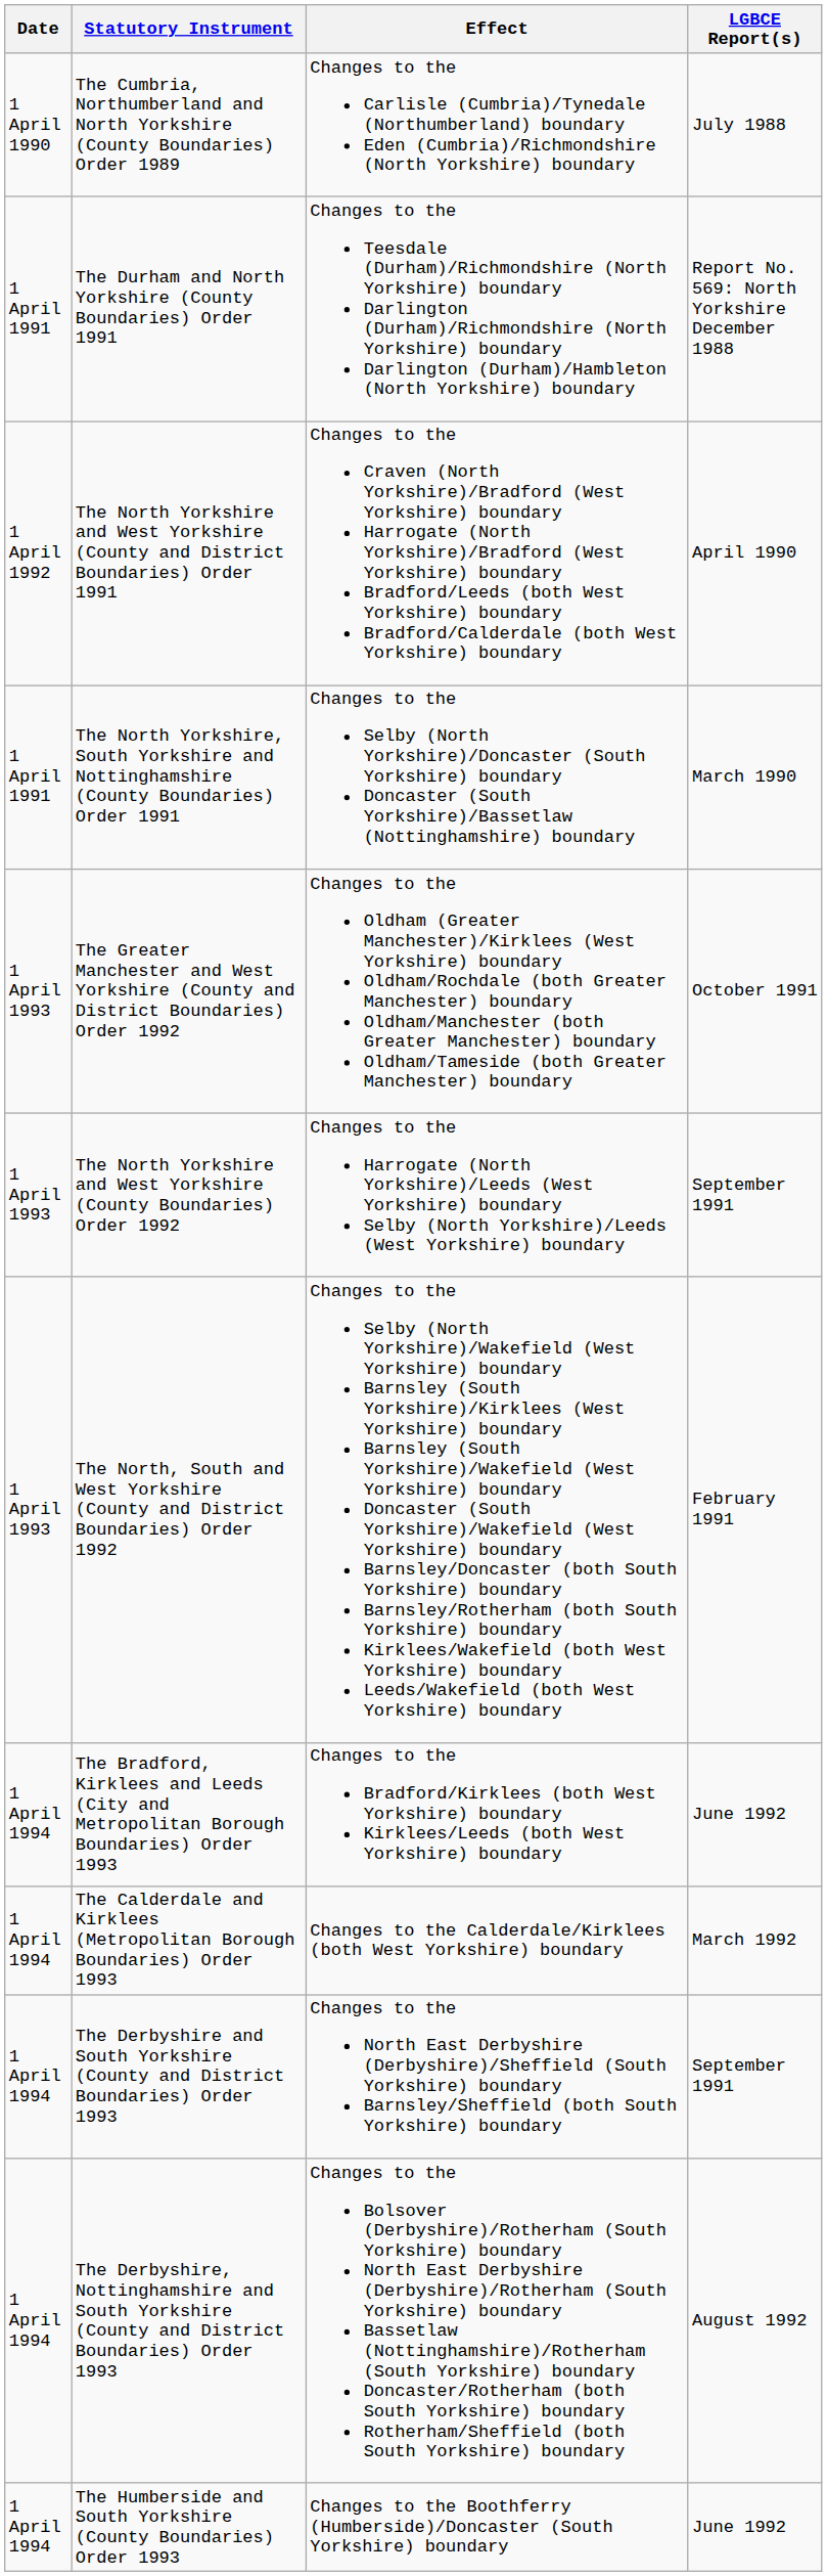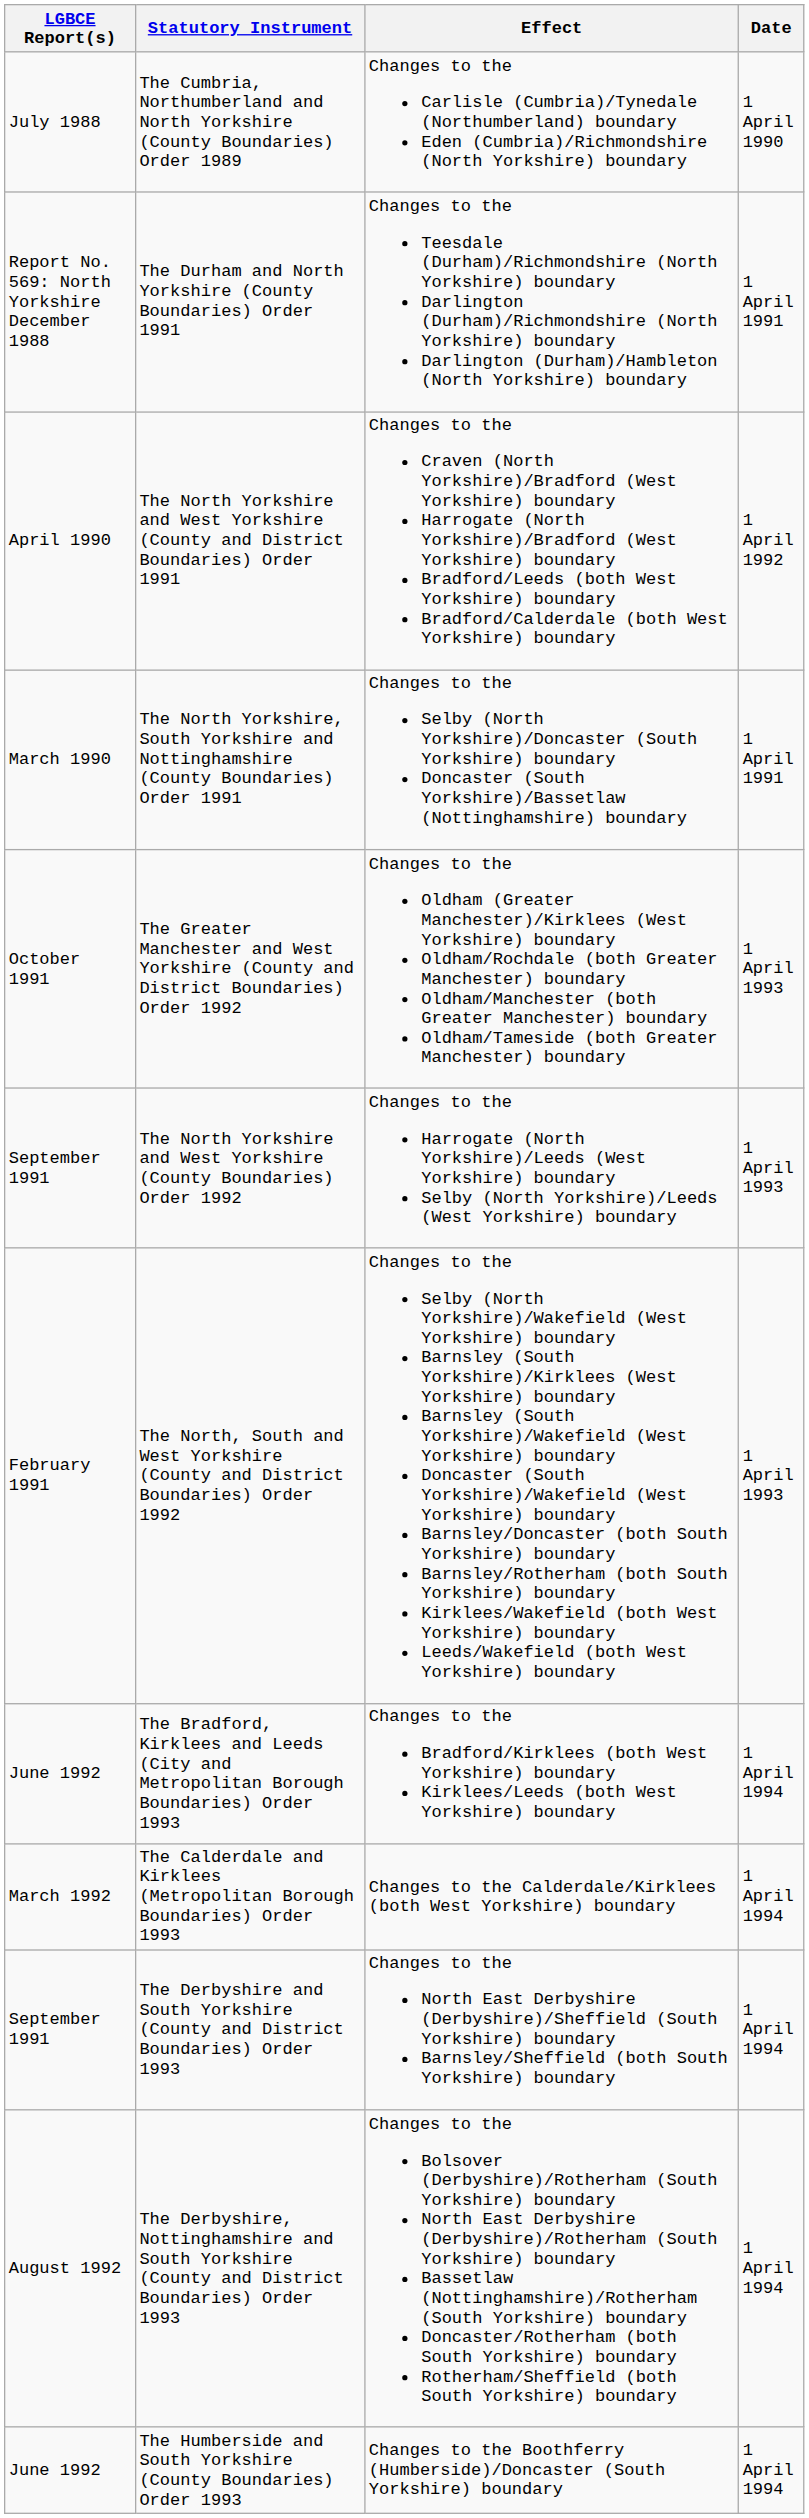 <table class="wikitable sortable">
 <tr>
-<th>Date</th>
+<th><a href='#'>LGBCE</a> Report(s)</th>
 <th><a href='#'>Statutory Instrument</a></th>
 <th>Effect</th>
-<th><a href='#'>LGBCE</a> Report(s)</th>
+<th>Date</th>
 </tr>
 <tr>
-<td>1 April 1990</td>
+<td> July 1988</td>
 <td>The Cumbria, Northumberland and North Yorkshire (County Boundaries) Order 1989</td>
 <td>Changes to the<br><ul><li>Carlisle (Cumbria)/Tynedale (Northumberland) boundary</li><li>Eden (Cumbria)/Richmondshire (North Yorkshire) boundary</li></ul></td>
-<td> July 1988</td>
+<td>1 April 1990</td>
 </tr>
 <tr>
-<td>1 April 1991</td>
+<td>Report No. 569: North Yorkshire December 1988</td>
 <td>The Durham and North Yorkshire (County Boundaries) Order 1991</td>
 <td>Changes to the<br><ul><li>Teesdale (Durham)/Richmondshire (North Yorkshire) boundary</li><li>Darlington (Durham)/Richmondshire (North Yorkshire) boundary</li><li>Darlington (Durham)/Hambleton (North Yorkshire) boundary</li></ul></td>
-<td>Report No. 569: North Yorkshire December 1988</td>
+<td>1 April 1991</td>
 </tr>
 <tr>
-<td>1 April 1992</td>
+<td> April 1990</td>
 <td>The North Yorkshire and West Yorkshire (County and District Boundaries) Order 1991</td>
 <td>Changes to the<br><ul><li>Craven (North Yorkshire)/Bradford (West Yorkshire) boundary</li><li>Harrogate (North Yorkshire)/Bradford (West Yorkshire) boundary</li><li>Bradford/Leeds (both West Yorkshire) boundary</li><li>Bradford/Calderdale (both West Yorkshire) boundary</li></ul></td>
-<td> April 1990</td>
+<td>1 April 1992</td>
 </tr>
 <tr>
-<td>1 April 1991</td>
+<td> March 1990</td>
 <td>The North Yorkshire, South Yorkshire and Nottinghamshire (County Boundaries) Order 1991</td>
 <td>Changes to the<br><ul><li>Selby (North Yorkshire)/Doncaster (South Yorkshire) boundary</li><li>Doncaster (South Yorkshire)/Bassetlaw (Nottinghamshire) boundary</li></ul></td>
-<td> March 1990</td>
+<td>1 April 1991</td>
 </tr>
 <tr>
-<td>1 April 1993</td>
+<td> October 1991</td>
 <td>The Greater Manchester and West Yorkshire (County and District Boundaries) Order 1992</td>
 <td>Changes to the<br><ul><li>Oldham (Greater Manchester)/Kirklees (West Yorkshire) boundary</li><li>Oldham/Rochdale (both Greater Manchester) boundary</li><li>Oldham/Manchester (both Greater Manchester) boundary</li><li>Oldham/Tameside (both Greater Manchester) boundary</li></ul></td>
-<td> October 1991</td>
+<td>1 April 1993</td>
 </tr>
 <tr>
-<td>1 April 1993</td>
+<td> September 1991</td>
 <td>The North Yorkshire and West Yorkshire (County Boundaries) Order 1992</td>
 <td>Changes to the<br><ul><li>Harrogate (North Yorkshire)/Leeds (West Yorkshire) boundary</li><li>Selby (North Yorkshire)/Leeds (West Yorkshire) boundary</li></ul></td>
-<td> September 1991</td>
+<td>1 April 1993</td>
 </tr>
 <tr>
-<td>1 April 1993</td>
+<td> February 1991</td>
 <td>The North, South and West Yorkshire (County and District Boundaries) Order 1992</td>
 <td>Changes to the<br><ul><li>Selby (North Yorkshire)/Wakefield (West Yorkshire) boundary</li><li>Barnsley (South Yorkshire)/Kirklees (West Yorkshire) boundary</li><li>Barnsley (South Yorkshire)/Wakefield (West Yorkshire) boundary</li><li>Doncaster (South Yorkshire)/Wakefield (West Yorkshire) boundary</li><li>Barnsley/Doncaster (both South Yorkshire) boundary</li><li>Barnsley/Rotherham (both South Yorkshire) boundary</li><li>Kirklees/Wakefield (both West Yorkshire) boundary</li><li>Leeds/Wakefield (both West Yorkshire) boundary</li></ul></td>
-<td> February 1991</td>
+<td>1 April 1993</td>
 </tr>
 <tr>
-<td>1 April 1994</td>
+<td> June 1992</td>
 <td>The Bradford, Kirklees and Leeds (City and Metropolitan Borough Boundaries) Order 1993</td>
 <td>Changes to the<br><ul><li>Bradford/Kirklees (both West Yorkshire) boundary</li><li>Kirklees/Leeds (both West Yorkshire) boundary</li></ul></td>
-<td> June 1992</td>
+<td>1 April 1994</td>
 </tr>
 <tr>
-<td>1 April 1994</td>
+<td> March 1992</td>
 <td>The Calderdale and Kirklees (Metropolitan Borough Boundaries) Order 1993</td>
 <td>Changes to the Calderdale/Kirklees (both West Yorkshire) boundary</td>
-<td> March 1992</td>
+<td>1 April 1994</td>
 </tr>
 <tr>
-<td>1 April 1994</td>
+<td> September 1991</td>
 <td>The Derbyshire and South Yorkshire (County and District Boundaries) Order 1993</td>
 <td>Changes to the<br><ul><li>North East Derbyshire (Derbyshire)/Sheffield (South Yorkshire) boundary</li><li>Barnsley/Sheffield (both South Yorkshire) boundary</li></ul></td>
-<td> September 1991</td>
+<td>1 April 1994</td>
 </tr>
 <tr>
-<td>1 April 1994</td>
+<td> August 1992</td>
 <td>The Derbyshire, Nottinghamshire and South Yorkshire (County and District Boundaries) Order 1993</td>
 <td>Changes to the<br><ul><li>Bolsover (Derbyshire)/Rotherham (South Yorkshire) boundary</li><li>North East Derbyshire (Derbyshire)/Rotherham (South Yorkshire) boundary</li><li>Bassetlaw (Nottinghamshire)/Rotherham (South Yorkshire) boundary</li><li>Doncaster/Rotherham (both South Yorkshire) boundary</li><li>Rotherham/Sheffield (both South Yorkshire) boundary</li></ul></td>
-<td> August 1992</td>
+<td>1 April 1994</td>
 </tr>
 <tr>
-<td>1 April 1994</td>
+<td> June 1992</td>
 <td>The Humberside and South Yorkshire (County Boundaries) Order 1993</td>
 <td>Changes to the Boothferry (Humberside)/Doncaster (South Yorkshire) boundary</td>
-<td> June 1992</td>
+<td>1 April 1994</td>
 </tr>
 </table>
